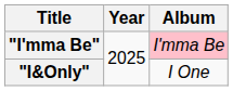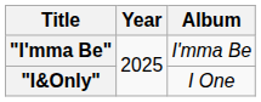 <table class="wikitable plainrowheaders" style="text-align:center">
 <tr>
 <th scope="col">Title</th>
 <th scope="col">Year</th>
 <th scope="col">Album</th>
 </tr>
 <tr>
 <th scope="row">"I'mma Be"</th>
 <td rowspan="2">2025</td>
-<td style="background: pink;"><em>I'mma Be</em></td>
+<td><em>I'mma Be</em></td>
 </tr>
 <tr>
 <th scope="row">"I&Only"</th>
 <td><em>I One</em></td>
 </tr>
 </table>
